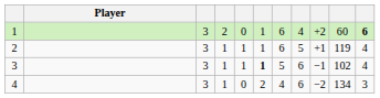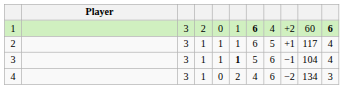 <table class="wikitable" style="text-align:center; margin: 1em auto 1em auto, align:left">
 <tr>
 <th width=20></th>
 <th width=240>Player</th>
 <th width=20></th>
 <th width=20></th>
 <th width=20></th>
 <th width=20></th>
 <th width=20></th>
 <th width=20></th>
 <th width=20></th>
 <th width=30></th>
 <th width=20></th>
 </tr>
 <tr style="background:#D0F0C0;">
 <td>1</td>
 <td align=left></td>
 <td>3</td>
 <td>2</td>
 <td>0</td>
 <td>1</td>
-<td>6</td>
+<td><strong>6</strong></td>
 <td>4</td>
 <td>+2</td>
 <td>60</td>
 <td><strong>6</strong></td>
 </tr>
 <tr style=>
 <td>2</td>
 <td align=left></td>
 <td>3</td>
 <td>1</td>
 <td>1</td>
 <td>1</td>
 <td>6</td>
 <td>5</td>
 <td>+1</td>
-<td>119</td>
+<td>117</td>
 <td>4</td>
 </tr>
 <tr style=>
 <td>3</td>
 <td align=left></td>
 <td>3</td>
 <td>1</td>
 <td>1</td>
 <td><strong>1</strong></td>
 <td>5</td>
 <td>6</td>
 <td>−1</td>
-<td>102</td>
+<td>104</td>
 <td>4</td>
 </tr>
 <tr style=>
 <td>4</td>
 <td align=left></td>
 <td>3</td>
 <td>1</td>
 <td>0</td>
 <td>2</td>
 <td>4</td>
 <td>6</td>
 <td>−2</td>
 <td>134</td>
 <td>3</td>
 </tr>
 </table>
